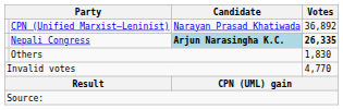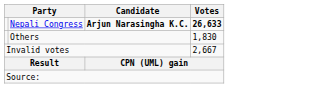 <table class="wikitable">
 <tr>
 <th colspan="2">Party</th>
 <th>Candidate</th>
 <th>Votes</th>
 </tr>
 <tr>
 <td style="background-color:"></td>
-<td><a href='#'>CPN (Unified Marxist–Leninist)</a></td>
-<td><a href='#'>Narayan Prasad Khatiwada</a></td>
-<td>36,892</td>
-</tr>
-<tr>
-<td style="background-color:"></td>
 <td><a href='#'>Nepali Congress</a></td>
-<td style="background: lightblue;"><strong>Arjun Narasingha K.C.</strong></td>
-<td><strong>26,335</strong></td>
+<td><strong>Arjun Narasingha K.C.</strong></td>
+<td><strong>26,633</strong></td>
 </tr>
 <tr>
 <td></td>
 <td colspan="2">Others</td>
 <td>1,830</td>
 </tr>
 <tr>
 <td colspan="3">Invalid votes</td>
-<td>4,770</td>
+<td>2,667</td>
 </tr>
 <tr>
 <th colspan="2">Result</th>
 <th colspan="2">CPN (UML) gain</th>
 </tr>
 <tr>
 <td colspan="4">Source: </td>
 </tr>
 </table>
